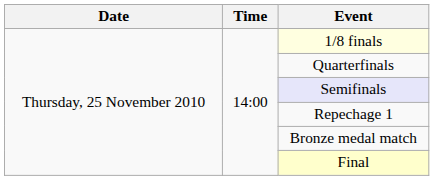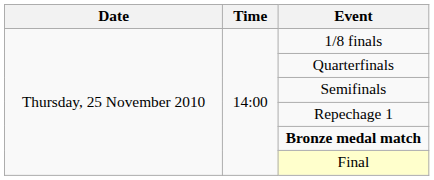 <table class = "wikitable" style="text-align:center;">
 <tr>
 <th width=220>Date</th>
 <th width=50>Time</th>
 <th width=150>Event</th>
 </tr>
 <tr>
 <td rowspan=6>Thursday, 25 November 2010</td>
 <td rowspan=6>14:00</td>
-<td style="background: lightyellow;">1/8 finals</td>
+<td>1/8 finals</td>
 </tr>
 <tr>
 <td>Quarterfinals</td>
 </tr>
 <tr>
-<td style="background: lavender;">Semifinals</td>
+<td>Semifinals</td>
 </tr>
 <tr>
 <td>Repechage 1</td>
 </tr>
 <tr>
-<td>Bronze medal match</td>
+<td><strong>Bronze medal match</strong></td>
 </tr>
 <tr>
 <td bgcolor=ffffcc>Final</td>
 </tr>
 </table>
